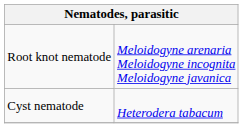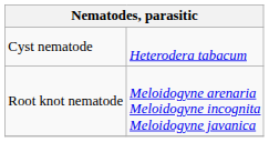 <table class="wikitable" style="clear">
 <tr>
 <th colspan=2><strong>Nematodes, parasitic</strong><br></th>
+</tr>
+<tr>
+<td>Cyst nematode</td>
+<td><br><em><a href='#'>Heterodera tabacum</a></em></td>
 </tr>
 <tr>
 <td>Root knot nematode</td>
 <td><br><em><a href='#'>Meloidogyne arenaria</a></em><br> <em><a href='#'>Meloidogyne incognita</a></em><br> <em><a href='#'>Meloidogyne javanica</a></em></td>
 </tr>
 <tr>
-<td>Cyst nematode</td>
-<td><br><em><a href='#'>Heterodera tabacum</a></em></td>
-</tr>
-<tr>
 </tr>
 </table>
